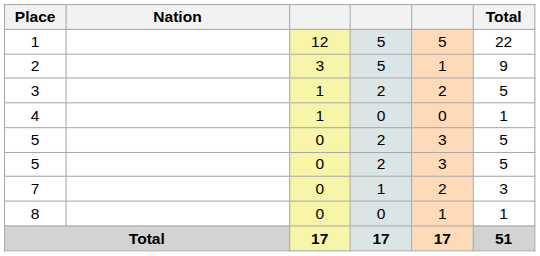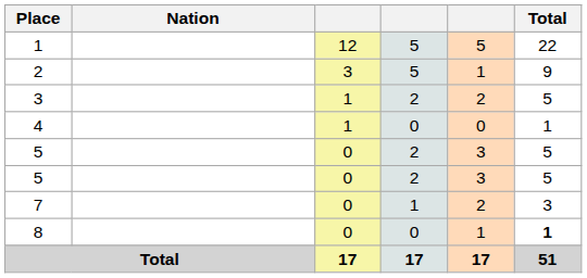 <table class=wikitable style="border:1px solid #AAAAAA;font-size:90%">
 <tr bgcolor="#EFEFEF">
 <th width=50>Place</th>
 <th width=200>Nation</th>
 <th width=50></th>
 <th width=50></th>
 <th width=50></th>
 <th width=50>Total</th>
 </tr>
 <tr align="center" valign="top" bgcolor="#FFFFFF">
 <td>1</td>
 <td align="left"></td>
 <td style="background:#F7F6A8;">12</td>
 <td style="background:#DCE5E5;">5</td>
 <td style="background:#FFDAB9;">5</td>
 <td>22</td>
 </tr>
 <tr align="center" valign="top" bgcolor="#FFFFFF">
 <td>2</td>
 <td align="left"></td>
 <td style="background:#F7F6A8;">3</td>
 <td style="background:#DCE5E5;">5</td>
 <td style="background:#FFDAB9;">1</td>
 <td>9</td>
 </tr>
 <tr align="center" valign="top" bgcolor="#FFFFFF">
 <td>3</td>
 <td align="left"></td>
 <td style="background:#F7F6A8;">1</td>
 <td style="background:#DCE5E5;">2</td>
 <td style="background:#FFDAB9;">2</td>
 <td>5</td>
 </tr>
 <tr align="center" valign="top" bgcolor="#FFFFFF">
 <td>4</td>
 <td align="left"></td>
 <td style="background:#F7F6A8;">1</td>
 <td style="background:#DCE5E5;">0</td>
 <td style="background:#FFDAB9;">0</td>
 <td>1</td>
 </tr>
 <tr align="center" valign="top" bgcolor="#FFFFFF">
 <td>5</td>
 <td align="left"></td>
 <td style="background:#F7F6A8;">0</td>
 <td style="background:#DCE5E5;">2</td>
 <td style="background:#FFDAB9;">3</td>
 <td>5</td>
 </tr>
 <tr align="center" valign="top" bgcolor="#FFFFFF">
 <td>5</td>
 <td align="left"></td>
 <td style="background:#F7F6A8;">0</td>
 <td style="background:#DCE5E5;">2</td>
 <td style="background:#FFDAB9;">3</td>
 <td>5</td>
 </tr>
 <tr align="center" valign="top" bgcolor="#FFFFFF">
 <td>7</td>
 <td align="left"></td>
 <td style="background:#F7F6A8;">0</td>
 <td style="background:#DCE5E5;">1</td>
 <td style="background:#FFDAB9;">2</td>
 <td>3</td>
 </tr>
 <tr align="center" valign="top" bgcolor="#FFFFFF">
 <td>8</td>
 <td align="left"></td>
 <td style="background:#F7F6A8;">0</td>
 <td style="background:#DCE5E5;">0</td>
 <td style="background:#FFDAB9;">1</td>
-<td>1</td>
+<td><strong>1</strong></td>
 </tr>
 <tr align="center">
 <td colspan="2" bgcolor=D3D3D3><strong>Total</strong></td>
 <td style="background:#F7F6A8;"><strong>17</strong></td>
 <td style="background:#DCE5E5;"><strong>17</strong></td>
 <td style="background:#FFDAB9;"><strong>17</strong></td>
 <td bgcolor=D3D3D3><strong>51</strong></td>
 </tr>
 </table>
